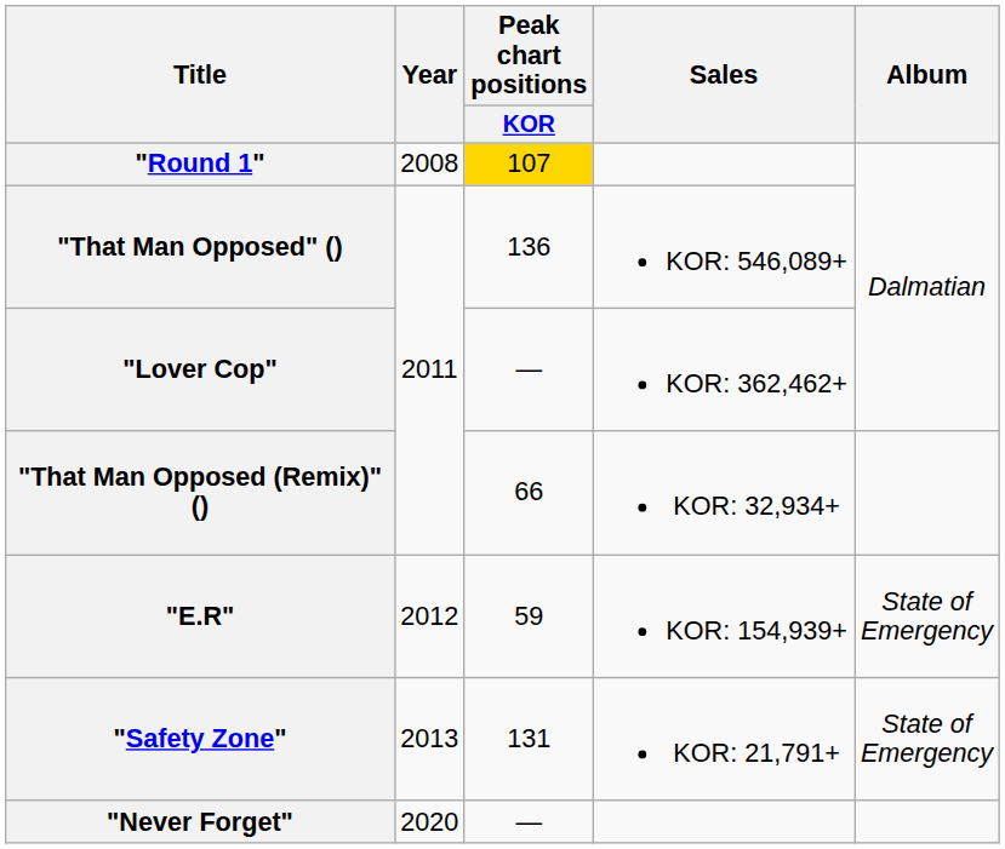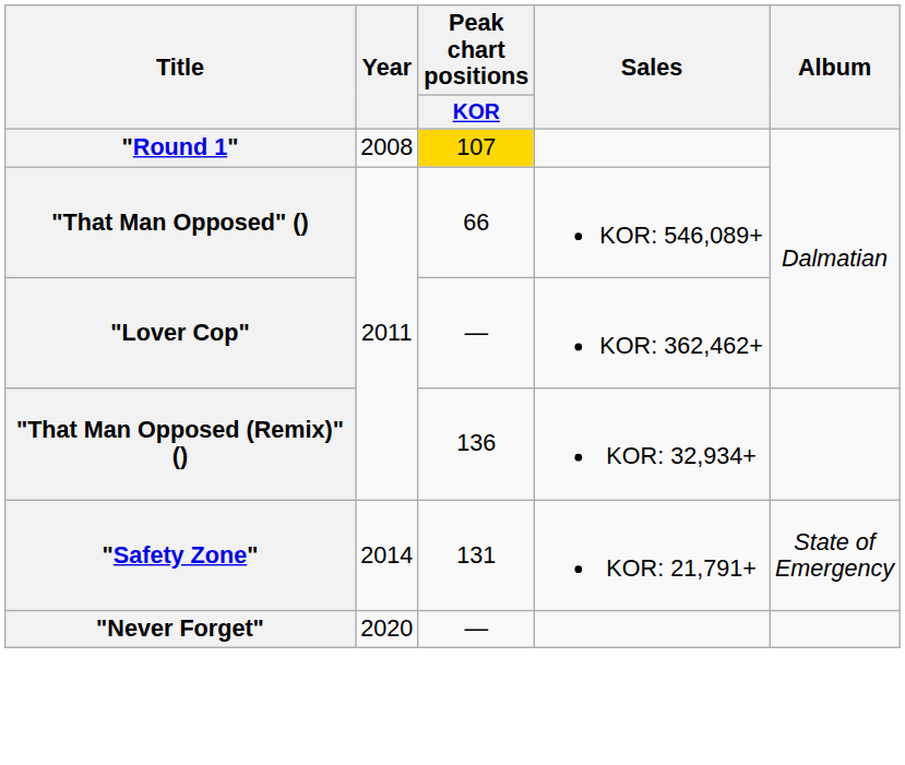 <table class="wikitable plainrowheaders" style="text-align:center;" border="1">
 <tr>
 <th scope="col" rowspan="2" style="width:16em;">Title</th>
 <th scope="col" rowspan="2">Year</th>
 <th scope="col">Peak chart positions</th>
 <th scope="col" rowspan="2" style="width:10em;">Sales</th>
 <th scope="col" rowspan="2">Album</th>
 </tr>
 <tr>
 <th scope="col" style="width:3em;font-size:90%;"><a href='#'>KOR</a><br></th>
 </tr>
 <tr>
 <th scope="row">"<a href='#'>Round 1</a>"</th>
 <td>2008</td>
 <td style="background: gold;">107</td>
 <td></td>
 <td rowspan="3"><em>Dalmatian</em></td>
 </tr>
 <tr>
 <th scope="row">"That Man Opposed" ()</th>
 <td rowspan="3">2011</td>
-<td>136</td>
+<td>66</td>
 <td><br><ul><li>KOR: 546,089+</li></ul></td>
 </tr>
 <tr>
 <th scope="row">"Lover Cop"</th>
 <td>—</td>
 <td><br><ul><li>KOR: 362,462+</li></ul></td>
 </tr>
 <tr>
 <th scope="row">"That Man Opposed (Remix)" ()</th>
-<td>66</td>
+<td>136</td>
 <td><br><ul><li>KOR: 32,934+</li></ul></td>
 <td></td>
 </tr>
 <tr>
-<th scope="row">"E.R"</th>
-<td>2012</td>
-<td>59</td>
-<td><br><ul><li>KOR: 154,939+</li></ul></td>
-<td><em>State of Emergency</em></td>
-</tr>
-<tr>
 <th scope="row">"<a href='#'>Safety Zone</a>"</th>
-<td>2013</td>
+<td>2014</td>
 <td>131</td>
 <td><br><ul><li>KOR: 21,791+</li></ul></td>
 <td><em>State of Emergency</em></td>
 </tr>
 <tr>
 <th scope="row">"Never Forget"</th>
 <td>2020</td>
 <td>—</td>
 <td></td>
 </tr>
 </table>
